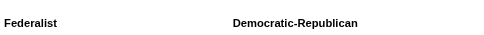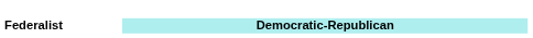 <table style="width:60%; text-align:center">
 <tr style="color:white">
 <td style="background:"><strong>60</strong></td>
 <td style="background:"><strong>46</strong></td>
 </tr>
 <tr>
 <td><span><strong>Federalist</strong></span></td>
-<td><span><strong>Democratic-Republican</strong></span></td>
+<td style="background: paleturquoise;"><span><strong>Democratic-Republican</strong></span></td>
 </tr>
 </table>
